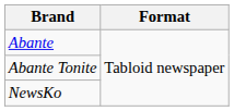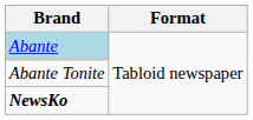 <table class="wikitable">
 <tr>
 <th>Brand</th>
 <th>Format</th>
 </tr>
 <tr>
-<td><em><a href='#'>Abante</a></em></td>
+<td style="background: lightblue;"><em><a href='#'>Abante</a></em></td>
 <td rowspan="3">Tabloid newspaper</td>
 </tr>
 <tr>
 <td><em>Abante Tonite</em></td>
 </tr>
 <tr>
-<td><em>NewsKo</em></td>
+<td><strong><em>NewsKo</em></strong></td>
 </tr>
 </table>
